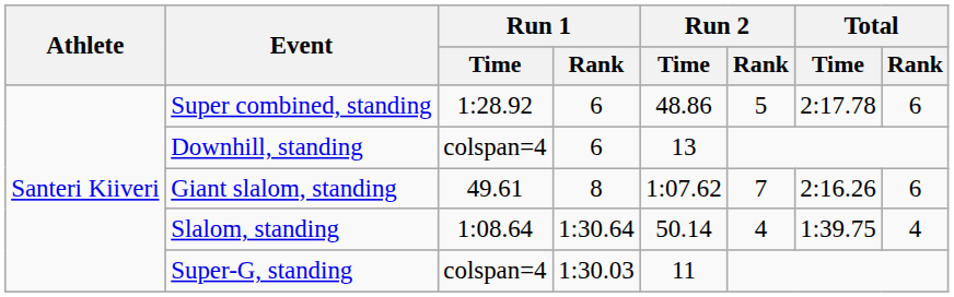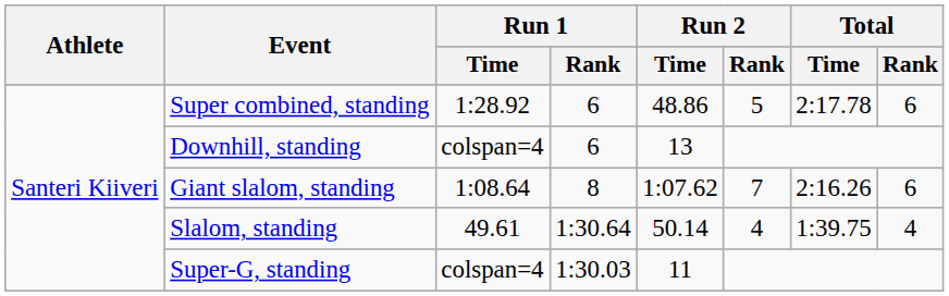 <table class="wikitable" style="font-size:90%">
 <tr>
 <th rowspan=2>Athlete</th>
 <th rowspan=2>Event</th>
 <th colspan=2>Run 1</th>
 <th colspan=2>Run 2</th>
 <th colspan=2>Total</th>
 </tr>
 <tr style="font-size:95%">
 <th>Time</th>
 <th>Rank</th>
 <th>Time</th>
 <th>Rank</th>
 <th>Time</th>
 <th>Rank</th>
 </tr>
 <tr align=center>
 <td align=left rowspan=5><a href='#'>Santeri Kiiveri</a></td>
 <td align=left><a href='#'>Super combined, standing</a></td>
 <td>1:28.92</td>
 <td>6</td>
 <td>48.86</td>
 <td>5</td>
 <td>2:17.78</td>
 <td>6</td>
 </tr>
 <tr align=center>
 <td align=left><a href='#'>Downhill, standing</a></td>
 <td>colspan=4 </td>
 <td>6</td>
 <td>13</td>
 </tr>
 <tr align=center>
 <td align=left><a href='#'>Giant slalom, standing</a></td>
-<td>49.61</td>
+<td>1:08.64</td>
 <td>8</td>
 <td>1:07.62</td>
 <td>7</td>
 <td>2:16.26</td>
 <td>6</td>
 </tr>
 <tr align=center>
 <td align=left><a href='#'>Slalom, standing</a></td>
-<td>1:08.64</td>
+<td>49.61</td>
 <td>1:30.64</td>
 <td>50.14</td>
 <td>4</td>
 <td>1:39.75</td>
 <td>4</td>
 </tr>
 <tr align=center>
 <td align=left><a href='#'>Super-G, standing</a></td>
 <td>colspan=4 </td>
 <td>1:30.03</td>
 <td>11</td>
 </tr>
 </table>
